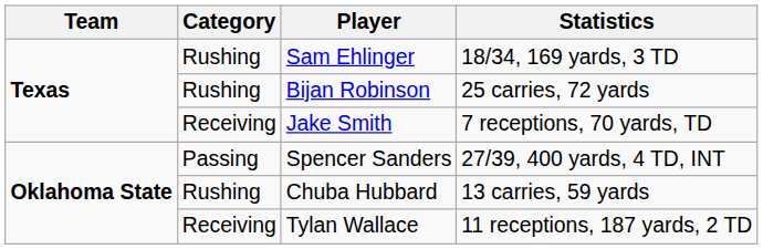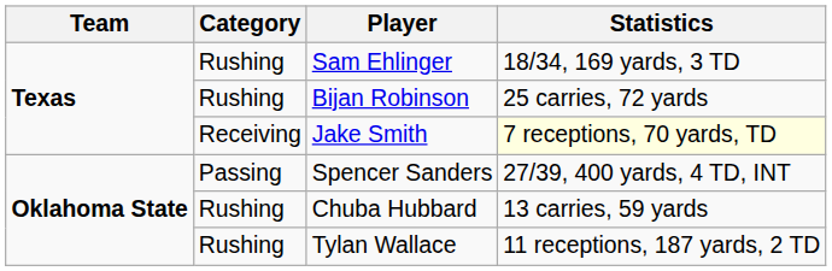 <table class="wikitable" style="float: right;">
 <tr>
 <th>Team</th>
 <th>Category</th>
 <th>Player</th>
 <th>Statistics</th>
 </tr>
 <tr>
 <td rowspan=3><strong>Texas</strong></td>
 <td>Rushing</td>
 <td><a href='#'>Sam Ehlinger</a></td>
 <td>18/34, 169 yards, 3 TD</td>
 </tr>
 <tr>
 <td>Rushing</td>
 <td><a href='#'>Bijan Robinson</a></td>
 <td>25 carries, 72 yards</td>
 </tr>
 <tr>
 <td>Receiving</td>
 <td><a href='#'>Jake Smith</a></td>
-<td>7 receptions, 70 yards, TD</td>
+<td style="background: lightyellow;">7 receptions, 70 yards, TD</td>
 </tr>
 <tr>
 <td rowspan=3><strong>Oklahoma State</strong></td>
 <td>Passing</td>
 <td>Spencer Sanders</td>
 <td>27/39, 400 yards, 4 TD, INT</td>
 </tr>
 <tr>
 <td>Rushing</td>
 <td>Chuba Hubbard</td>
 <td>13 carries, 59 yards</td>
 </tr>
 <tr>
-<td>Receiving</td>
+<td>Rushing</td>
 <td>Tylan Wallace</td>
 <td>11 receptions, 187 yards, 2 TD</td>
 </tr>
 </table>
